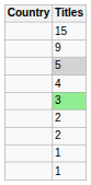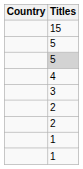 <table class="wikitable ">
 <tr>
 <th>Country</th>
 <th>Titles</th>
 </tr>
 <tr>
 <td></td>
 <td>15</td>
 </tr>
 <tr>
 <td></td>
-<td>9</td>
+<td>5</td>
 </tr>
 <tr>
 <td></td>
 <td style="background: lightgrey;">5</td>
 </tr>
 <tr>
 <td></td>
 <td>4</td>
 </tr>
 <tr>
 <td></td>
-<td style="background: lightgreen;">3</td>
+<td>3</td>
 </tr>
 <tr>
 <td></td>
 <td>2</td>
 </tr>
 <tr>
 <td></td>
 <td>2</td>
 </tr>
 <tr>
 <td></td>
 <td>1</td>
 </tr>
 <tr>
 <td></td>
 <td>1</td>
 </tr>
 </table>
